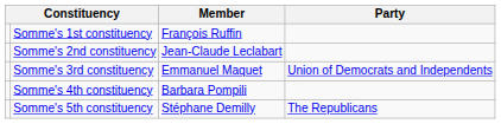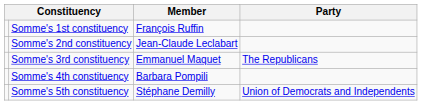 <table class="wikitable">
 <tr>
 <th colspan="2">Constituency</th>
 <th>Member</th>
 <th>Party</th>
 </tr>
 <tr>
 <td style="background-color: "></td>
 <td><a href='#'>Somme's 1st constituency</a></td>
 <td><a href='#'>François Ruffin</a></td>
 <td></td>
 </tr>
 <tr>
 <td style="background-color: "></td>
 <td><a href='#'>Somme's 2nd constituency</a></td>
 <td><a href='#'>Jean-Claude Leclabart</a></td>
 <td></td>
 </tr>
 <tr>
 <td style="background-color: "></td>
 <td><a href='#'>Somme's 3rd constituency</a></td>
 <td><a href='#'>Emmanuel Maquet</a></td>
-<td><a href='#'>Union of Democrats and Independents</a></td>
+<td><a href='#'>The Republicans</a></td>
 </tr>
 <tr>
 <td style="background-color: "></td>
 <td><a href='#'>Somme's 4th constituency</a></td>
 <td><a href='#'>Barbara Pompili</a></td>
 <td></td>
 </tr>
 <tr>
 <td style="background-color: "></td>
 <td><a href='#'>Somme's 5th constituency</a></td>
 <td><a href='#'>Stéphane Demilly</a></td>
-<td><a href='#'>The Republicans</a></td>
+<td><a href='#'>Union of Democrats and Independents</a></td>
 </tr>
 </table>
